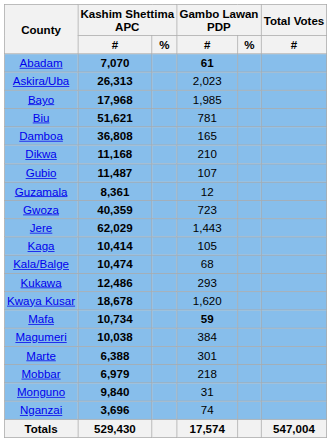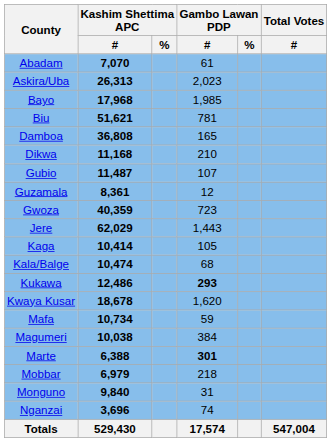 <table class="wikitable sortable" style=" font-size: 95%">
 <tr>
 <th rowspan="2">County</th>
 <th colspan="2">Kashim Shettima<br>APC</th>
 <th colspan="2">Gambo Lawan<br>PDP</th>
 <th>Total Votes</th>
 </tr>
 <tr>
 <th>#</th>
 <th>%</th>
 <th>#</th>
 <th>%</th>
 <th>#</th>
 </tr>
 <tr>
 <td bgcolor=#87BEEB align="center"><a href='#'>Abadam</a></td>
 <td bgcolor=#87BEEB align="center"><strong>7,070</strong></td>
 <td bgcolor=#87BEEB align="center"></td>
-<td bgcolor=#87BEEB align="center"><strong>61</strong></td>
+<td bgcolor=#87BEEB align="center">61</td>
 <td bgcolor=#87BEEB align="center"></td>
 <td bgcolor=#87BEEB align="center"></td>
 </tr>
 <tr>
 <td bgcolor=#87BEEB align="center"><a href='#'>Askira/Uba</a></td>
 <td bgcolor=#87BEEB align="center"><strong>26,313</strong></td>
 <td bgcolor=#87BEEB align="center"></td>
 <td bgcolor=#87BEEB align="center">2,023</td>
 <td bgcolor=#87BEEB align="center"></td>
 <td bgcolor=#87BEEB align="center"></td>
 </tr>
 <tr>
 <td bgcolor=#87BEEB align="center"><a href='#'>Bayo</a></td>
 <td bgcolor=#87BEEB align="center"><strong>17,968</strong></td>
 <td bgcolor=#87BEEB align="center"></td>
 <td bgcolor=#87BEEB align="center">1,985</td>
 <td bgcolor=#87BEEB align="center"></td>
 <td bgcolor=#87BEEB align="center"></td>
 </tr>
 <tr>
 <td bgcolor=#87BEEB align="center"><a href='#'>Biu</a></td>
 <td bgcolor=#87BEEB align="center"><strong>51,621</strong></td>
 <td bgcolor=#87BEEB align="center"></td>
 <td bgcolor=#87BEEB align="center">781</td>
 <td bgcolor=#87BEEB align="center"></td>
 <td bgcolor=#87BEEB align="center"></td>
 </tr>
 <tr>
 <td bgcolor=#87BEEB align="center"><a href='#'>Damboa</a></td>
 <td bgcolor=#87BEEB align="center"><strong>36,808</strong></td>
 <td bgcolor=#87BEEB align="center"></td>
 <td bgcolor=#87BEEB align="center">165</td>
 <td bgcolor=#87BEEB align="center"></td>
 <td bgcolor=#87BEEB align="center"></td>
 </tr>
 <tr>
 <td bgcolor=#87BEEB align="center"><a href='#'>Dikwa</a></td>
 <td bgcolor=#87BEEB align="center"><strong>11,168</strong></td>
 <td bgcolor=#87BEEB align="center"></td>
 <td bgcolor=#87BEEB align="center">210</td>
 <td bgcolor=#87BEEB align="center"></td>
 <td bgcolor=#87BEEB align="center"></td>
 </tr>
 <tr>
 <td bgcolor=#87BEEB align="center"><a href='#'>Gubio</a></td>
 <td bgcolor=#87BEEB align="center"><strong>11,487</strong></td>
 <td bgcolor=#87BEEB align="center"></td>
 <td bgcolor=#87BEEB align="center">107</td>
 <td bgcolor=#87BEEB align="center"></td>
 <td bgcolor=#87BEEB align="center"></td>
 </tr>
 <tr>
 <td bgcolor=#87BEEB align="center"><a href='#'>Guzamala</a></td>
 <td bgcolor=#87BEEB align="center"><strong>8,361</strong></td>
 <td bgcolor=#87BEEB align="center"></td>
 <td bgcolor=#87BEEB align="center">12</td>
 <td bgcolor=#87BEEB align="center"></td>
 <td bgcolor=#87BEEB align="center"></td>
 </tr>
 <tr>
 <td bgcolor=#87BEEB align="center"><a href='#'>Gwoza</a></td>
 <td bgcolor=#87BEEB align="center"><strong>40,359</strong></td>
 <td bgcolor=#87BEEB align="center"></td>
 <td bgcolor=#87BEEB align="center">723</td>
 <td bgcolor=#87BEEB align="center"></td>
 <td bgcolor=#87BEEB align="center"></td>
 </tr>
 <tr>
 <td bgcolor=#87BEEB align="center"><a href='#'>Jere</a></td>
 <td bgcolor=#87BEEB align="center"><strong>62,029</strong></td>
 <td bgcolor=#87BEEB align="center"></td>
 <td bgcolor=#87BEEB align="center">1,443</td>
 <td bgcolor=#87BEEB align="center"></td>
 <td bgcolor=#87BEEB align="center"></td>
 </tr>
 <tr>
 <td bgcolor=#87BEEB align="center"><a href='#'>Kaga</a></td>
 <td bgcolor=#87BEEB align="center"><strong>10,414</strong></td>
 <td bgcolor=#87BEEB align="center"></td>
 <td bgcolor=#87BEEB align="center">105</td>
 <td bgcolor=#87BEEB align="center"></td>
 <td bgcolor=#87BEEB align="center"></td>
 </tr>
 <tr>
 <td bgcolor=#87BEEB align="center"><a href='#'>Kala/Balge</a></td>
 <td bgcolor=#87BEEB align="center"><strong>10,474</strong></td>
 <td bgcolor=#87BEEB align="center"></td>
 <td bgcolor=#87BEEB align="center">68</td>
 <td bgcolor=#87BEEB align="center"></td>
 <td bgcolor=#87BEEB align="center"></td>
 </tr>
 <tr>
 <td bgcolor=#87BEEB align="center"><a href='#'>Kukawa</a></td>
 <td bgcolor=#87BEEB align="center"><strong>12,486</strong></td>
 <td bgcolor=#87BEEB align="center"></td>
-<td bgcolor=#87BEEB align="center">293</td>
+<td bgcolor=#87BEEB align="center"><strong>293</strong></td>
 <td bgcolor=#87BEEB align="center"></td>
 <td bgcolor=#87BEEB align="center"></td>
 </tr>
 <tr>
 <td bgcolor=#87BEEB align="center"><a href='#'>Kwaya Kusar</a></td>
 <td bgcolor=#87BEEB align="center"><strong>18,678</strong></td>
 <td bgcolor=#87BEEB align="center"></td>
 <td bgcolor=#87BEEB align="center">1,620</td>
 <td bgcolor=#87BEEB align="center"></td>
 <td bgcolor=#87BEEB align="center"></td>
 </tr>
 <tr>
 <td bgcolor=#87BEEB align="center"><a href='#'>Mafa</a></td>
 <td bgcolor=#87BEEB align="center"><strong>10,734</strong></td>
 <td bgcolor=#87BEEB align="center"></td>
-<td bgcolor=#87BEEB align="center"><strong>59</strong></td>
+<td bgcolor=#87BEEB align="center">59</td>
 <td bgcolor=#87BEEB align="center"></td>
 <td bgcolor=#87BEEB align="center"></td>
 </tr>
 <tr>
 <td bgcolor=#87BEEB align="center"><a href='#'>Magumeri</a></td>
 <td bgcolor=#87BEEB align="center"><strong>10,038</strong></td>
 <td bgcolor=#87BEEB align="center"></td>
 <td bgcolor=#87BEEB align="center">384</td>
 <td bgcolor=#87BEEB align="center"></td>
 <td bgcolor=#87BEEB align="center"></td>
 </tr>
 <tr>
 <td bgcolor=#87BEEB align="center"><a href='#'>Marte</a></td>
 <td bgcolor=#87BEEB align="center"><strong>6,388</strong></td>
 <td bgcolor=#87BEEB align="center"></td>
-<td bgcolor=#87BEEB align="center">301</td>
+<td bgcolor=#87BEEB align="center"><strong>301</strong></td>
 <td bgcolor=#87BEEB align="center"></td>
 <td bgcolor=#87BEEB align="center"></td>
 </tr>
 <tr>
 <td bgcolor=#87BEEB align="center"><a href='#'>Mobbar</a></td>
 <td bgcolor=#87BEEB align="center"><strong>6,979</strong></td>
 <td bgcolor=#87BEEB align="center"></td>
 <td bgcolor=#87BEEB align="center">218</td>
 <td bgcolor=#87BEEB align="center"></td>
 <td bgcolor=#87BEEB align="center"></td>
 </tr>
 <tr>
 <td bgcolor=#87BEEB align="center"><a href='#'>Monguno</a></td>
 <td bgcolor=#87BEEB align="center"><strong>9,840</strong></td>
 <td bgcolor=#87BEEB align="center"></td>
 <td bgcolor=#87BEEB align="center">31</td>
 <td bgcolor=#87BEEB align="center"></td>
 <td bgcolor=#87BEEB align="center"></td>
 </tr>
 <tr>
 <td bgcolor=#87BEEB align="center"><a href='#'>Nganzai</a></td>
 <td bgcolor=#87BEEB align="center"><strong>3,696</strong></td>
 <td bgcolor=#87BEEB align="center"></td>
 <td bgcolor=#87BEEB align="center">74</td>
 <td bgcolor=#87BEEB align="center"></td>
 <td bgcolor=#87BEEB align="center"></td>
 </tr>
 <tr>
 <th>Totals</th>
 <th><strong>529,430</strong></th>
 <th></th>
 <th><strong>17,574</strong></th>
 <th></th>
 <th>547,004</th>
 </tr>
 </table>
